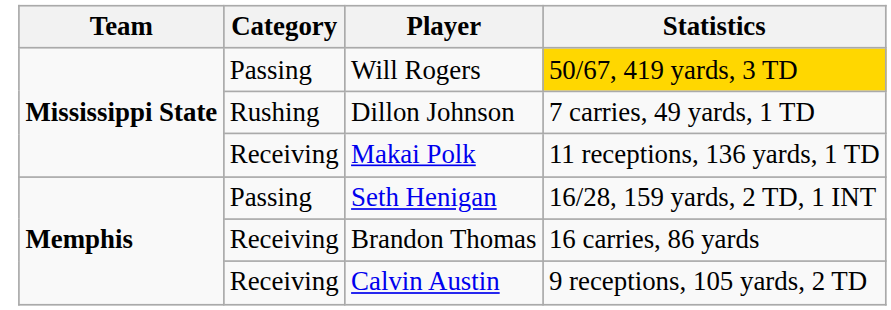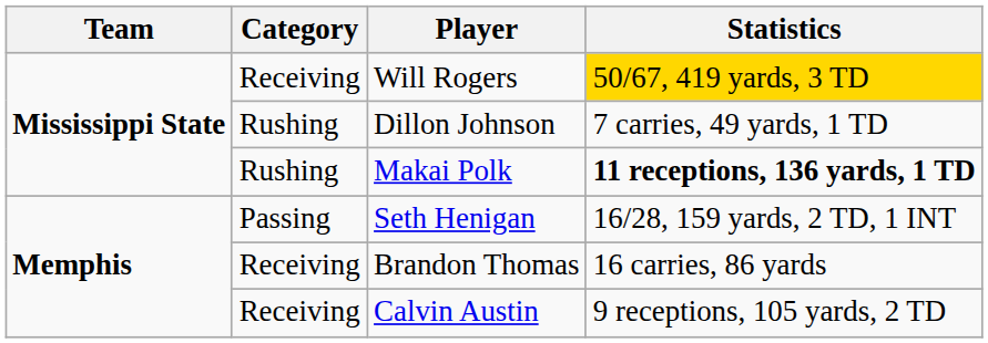 <table class="wikitable" style="float: right;">
 <tr>
 <th>Team</th>
 <th>Category</th>
 <th>Player</th>
 <th>Statistics</th>
 </tr>
 <tr>
 <td rowspan=3><strong>Mississippi State</strong></td>
-<td>Passing</td>
+<td>Receiving</td>
 <td>Will Rogers</td>
 <td style="background: gold;">50/67, 419 yards, 3 TD</td>
 </tr>
 <tr>
 <td>Rushing</td>
 <td>Dillon Johnson</td>
 <td>7 carries, 49 yards, 1 TD</td>
 </tr>
 <tr>
-<td>Receiving</td>
+<td>Rushing</td>
 <td><a href='#'>Makai Polk</a></td>
-<td>11 receptions, 136 yards, 1 TD</td>
+<td><strong>11 receptions, 136 yards, 1 TD</strong></td>
 </tr>
 <tr>
 <td rowspan=3><strong>Memphis</strong></td>
 <td>Passing</td>
 <td><a href='#'>Seth Henigan</a></td>
 <td>16/28, 159 yards, 2 TD, 1 INT</td>
 </tr>
 <tr>
 <td>Receiving</td>
 <td>Brandon Thomas</td>
 <td>16 carries, 86 yards</td>
 </tr>
 <tr>
 <td>Receiving</td>
 <td><a href='#'>Calvin Austin</a></td>
 <td>9 receptions, 105 yards, 2 TD</td>
 </tr>
 </table>
